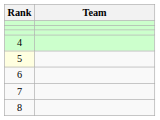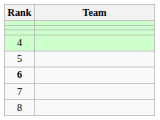 <table class="wikitable" style="text-align: center;">
 <tr>
 <th width=40>Rank</th>
 <th width=180>Team</th>
 </tr>
 <tr bgcolor="#ccffcc">
 <td></td>
 <td align="left"></td>
 </tr>
 <tr bgcolor="#ccffcc">
 <td></td>
 <td align="left"></td>
 </tr>
 <tr bgcolor="#ccffcc">
 <td></td>
 <td align="left"></td>
 </tr>
 <tr bgcolor="#ccffcc">
 <td>4</td>
 <td align="left"></td>
 </tr>
 <tr>
-<td style="background: lightyellow;">5</td>
+<td>5</td>
 <td align="left"></td>
 </tr>
 <tr>
-<td>6</td>
+<td><strong>6</strong></td>
 <td align="left"></td>
 </tr>
 <tr>
 <td>7</td>
 <td align="left"></td>
 </tr>
 <tr>
 <td>8</td>
 <td align="left"></td>
 </tr>
 </table>
